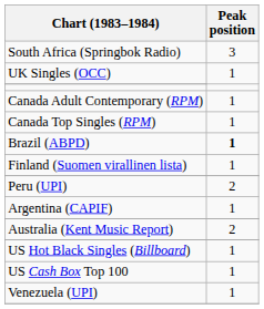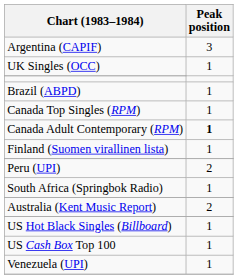 <table class="wikitable sortable">
 <tr>
 <th>Chart (1983–1984)</th>
 <th>Peak<br>position</th>
 </tr>
 <tr>
-<td>South Africa (Springbok Radio)</td>
+<td>Argentina (<a href='#'>CAPIF</a>)</td>
 <td align="center">3</td>
 </tr>
 <tr>
 <td>UK Singles (<a href='#'>OCC</a>) </td>
 <td align="center">1</td>
 </tr>
 <tr>
 </tr>
 <tr>
 <td></td>
 </tr>
 <tr>
-<td>Canada Adult Contemporary (<em><a href='#'>RPM</a></em>)</td>
+<td>Brazil (<a href='#'>ABPD</a>)</td>
 <td align="center">1</td>
 </tr>
 <tr>
 <td>Canada Top Singles (<em><a href='#'>RPM</a></em>)</td>
 <td align="center">1</td>
 </tr>
 <tr>
-<td>Brazil (<a href='#'>ABPD</a>)</td>
+<td>Canada Adult Contemporary (<em><a href='#'>RPM</a></em>)</td>
 <td align="center"><strong>1</strong></td>
 </tr>
 <tr>
 <td>Finland (<a href='#'>Suomen virallinen lista</a>)</td>
 <td align="center">1</td>
 </tr>
 <tr>
 </tr>
 <tr>
 </tr>
 <tr>
 </tr>
 <tr>
 </tr>
 <tr>
 <td>Peru (<a href='#'>UPI</a>)</td>
 <td align="center">2</td>
 </tr>
 <tr>
-<td>Argentina (<a href='#'>CAPIF</a>)</td>
+<td>South Africa (Springbok Radio)</td>
 <td align="center">1</td>
 </tr>
 <tr>
 </tr>
 <tr>
 </tr>
 <tr>
 <td>Australia (<a href='#'>Kent Music Report</a>)</td>
 <td align="center">2</td>
 </tr>
 <tr>
 </tr>
 <tr>
 </tr>
 <tr>
 </tr>
 <tr>
 <td scope="row">US <a href='#'>Hot Black Singles</a> (<em><a href='#'>Billboard</a></em>)</td>
 <td align="center">1</td>
 </tr>
 <tr>
 <td>US <a href='#'><em>Cash Box</em></a> Top 100 </td>
 <td align="center">1</td>
 </tr>
 <tr>
 <td>Venezuela (<a href='#'>UPI</a>)</td>
 <td align="center">1</td>
 </tr>
 <tr>
 </tr>
 </table>
